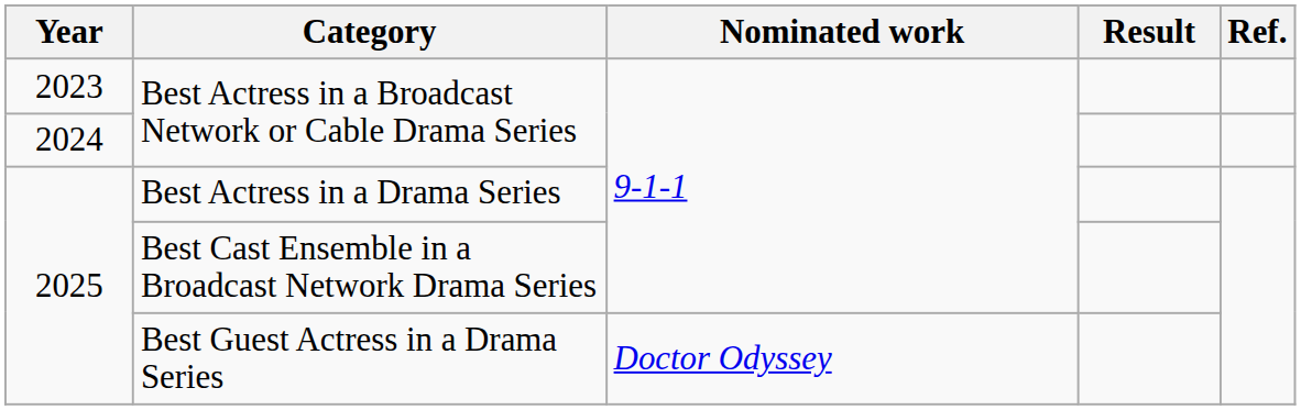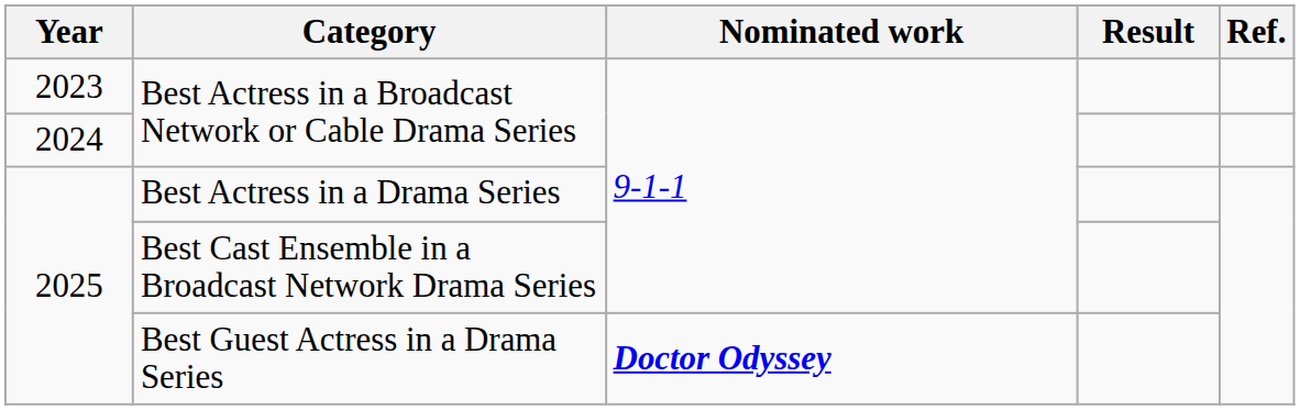 <table class=wikitable>
 <tr>
 <th scope="col" style="width:5em;">Year</th>
 <th scope="col" style="width:26em;">Category</th>
 <th scope="col" style="width:25em;">Nominated work</th>
 <th scope="col" style="width:5em;">Result</th>
 <th>Ref.</th>
 </tr>
 <tr>
 <td style="text-align:center;">2023</td>
 <td rowspan=2>Best Actress in a Broadcast Network or Cable Drama Series</td>
 <td rowspan="4"><em><a href='#'>9-1-1</a></em></td>
 <td></td>
 <td align="center"></td>
 </tr>
 <tr>
 <td style="text-align:center;">2024</td>
 <td></td>
 <td></td>
 </tr>
 <tr>
 <td rowspan="3" style="text-align: center;">2025</td>
 <td>Best Actress in a Drama Series</td>
 <td></td>
 <td rowspan="3"></td>
 </tr>
 <tr>
 <td>Best Cast Ensemble in a Broadcast Network Drama Series</td>
 <td></td>
 </tr>
 <tr>
 <td>Best Guest Actress in a Drama Series</td>
-<td><em><a href='#'>Doctor Odyssey</a></em></td>
+<td><strong><em><a href='#'>Doctor Odyssey</a></em></strong></td>
 <td></td>
 </tr>
 </table>
